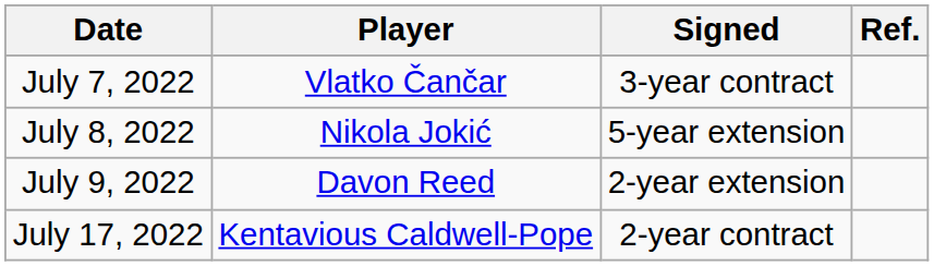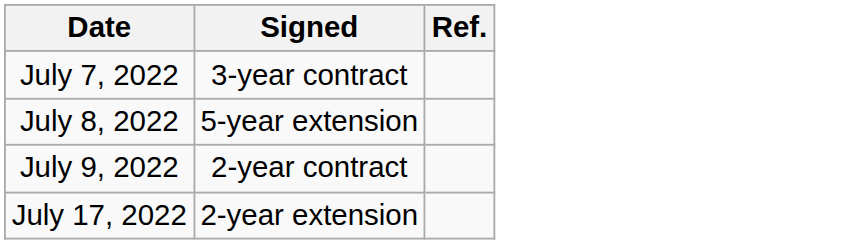 <table class="wikitable sortable sortable" style="text-align: center">
 <tr>
 <th>Date</th>
-<th>Player</th>
 <th>Signed</th>
 <th>Ref.</th>
 </tr>
 <tr>
 <td>July 7, 2022</td>
-<td><a href='#'>Vlatko Čančar</a></td>
 <td>3-year contract</td>
 <td></td>
 </tr>
 <tr>
 <td>July 8, 2022</td>
-<td><a href='#'>Nikola Jokić</a></td>
 <td>5-year extension</td>
 <td></td>
 </tr>
 <tr>
 <td>July 9, 2022</td>
-<td><a href='#'>Davon Reed</a></td>
-<td>2-year extension</td>
+<td>2-year contract</td>
 <td></td>
 </tr>
 <tr>
 <td>July 17, 2022</td>
-<td><a href='#'>Kentavious Caldwell-Pope</a></td>
-<td>2-year contract</td>
+<td>2-year extension</td>
 <td></td>
 </tr>
 </table>
